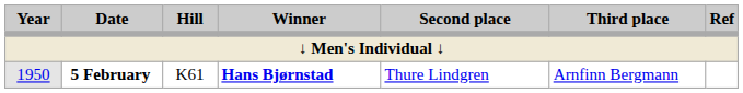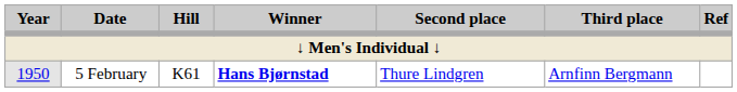 <table class="wikitable plainrowheaders" style="background:#fff; font-size:86%; line-height:15px; border:grey solid 1px; border-collapse:collapse;">
 <tr style="background:#ccc; text-align:center;">
 <th style="background:#ccc;" width="48">Year</th>
 <th style="background:#ccc;" width="89">Date</th>
 <th style="background:#ccc;" width="48">Hill</th>
 <th style="background:#ccc;" width="168">Winner</th>
 <th style="background:#ccc;" width="180">Second place</th>
 <th style="background:#ccc;" width="160">Third place</th>
 <th style="background:#ccc;">Ref</th>
 </tr>
 <tr>
 <td align=center colspan=7 bgcolor=#F0EAD6 style="border-top-width:5px"><strong>↓ Men's Individual ↓</strong></td>
 </tr>
 <tr>
 <td align=center bgcolor=#E5E5E5><a href='#'>1950</a></td>
-<td align=right><strong>5 February  </strong></td>
+<td align=right>5 February  </td>
 <td align=center>K61</td>
 <td><strong> <a href='#'>Hans Bjørnstad</a></strong></td>
 <td> <a href='#'>Thure Lindgren</a></td>
 <td> <a href='#'>Arnfinn Bergmann</a></td>
 <td></td>
 </tr>
 </table>
